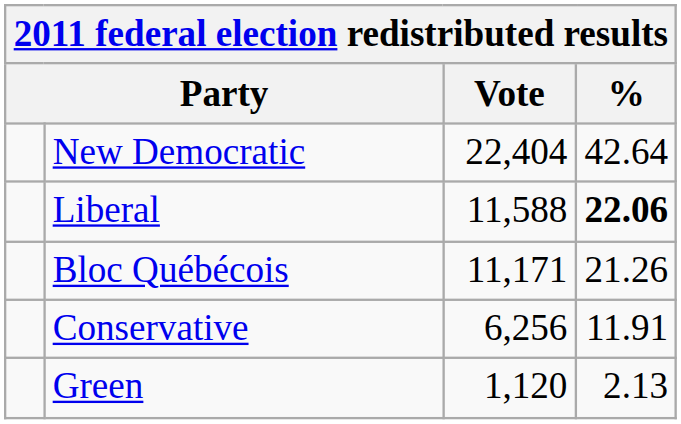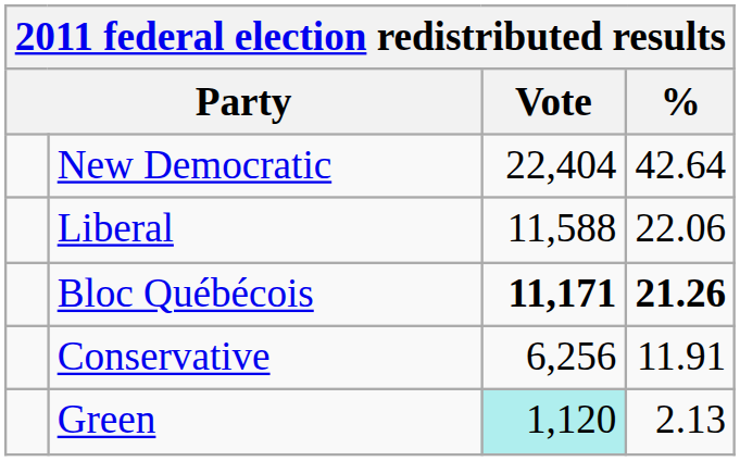 <table class="wikitable">
 <tr>
 <th colspan="4"><a href='#'>2011 federal election</a> redistributed results</th>
 </tr>
 <tr>
 <th bgcolor="#DDDDFF" width="130px" colspan="2">Party</th>
 <th bgcolor="#DDDDFF" width="50px">Vote</th>
 <th bgcolor="#DDDDFF" width="30px">%</th>
 </tr>
 <tr>
 <td> </td>
 <td><a href='#'>New Democratic</a></td>
 <td align=right>22,404</td>
 <td align=right>42.64</td>
 </tr>
 <tr>
 <td> </td>
 <td><a href='#'>Liberal</a></td>
 <td align=right>11,588</td>
-<td align=right><strong>22.06</strong></td>
+<td align=right>22.06</td>
 </tr>
 <tr>
 <td> </td>
 <td><a href='#'>Bloc Québécois</a></td>
-<td align=right>11,171</td>
-<td align=right>21.26</td>
+<td align=right><strong>11,171</strong></td>
+<td align=right><strong>21.26</strong></td>
 </tr>
 <tr>
 <td> </td>
 <td><a href='#'>Conservative</a></td>
 <td align=right>6,256</td>
 <td align=right>11.91</td>
 </tr>
 <tr>
 <td> </td>
 <td><a href='#'>Green</a></td>
-<td align=right>1,120</td>
+<td align=right style="background: paleturquoise;">1,120</td>
 <td align=right>2.13</td>
 </tr>
 </table>
